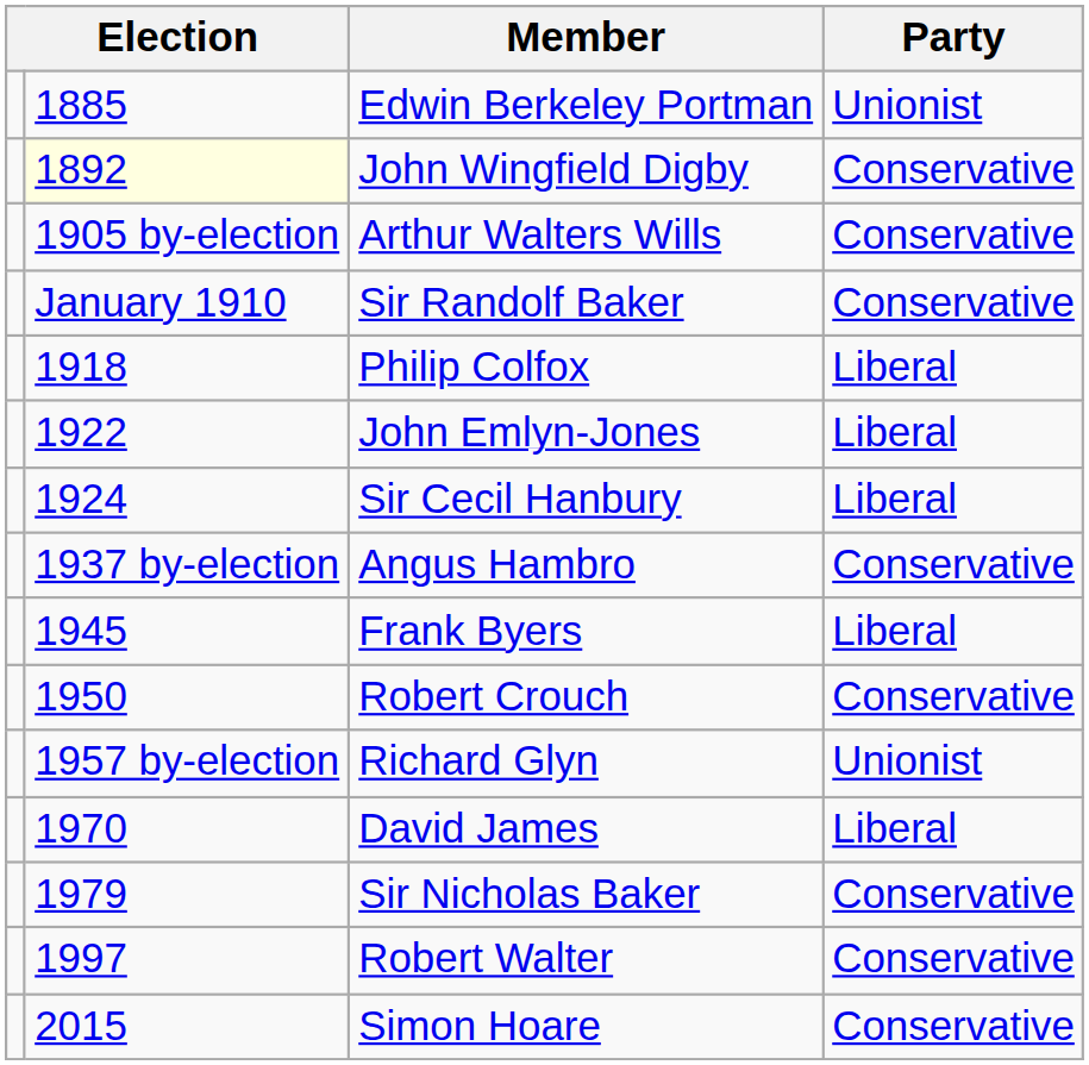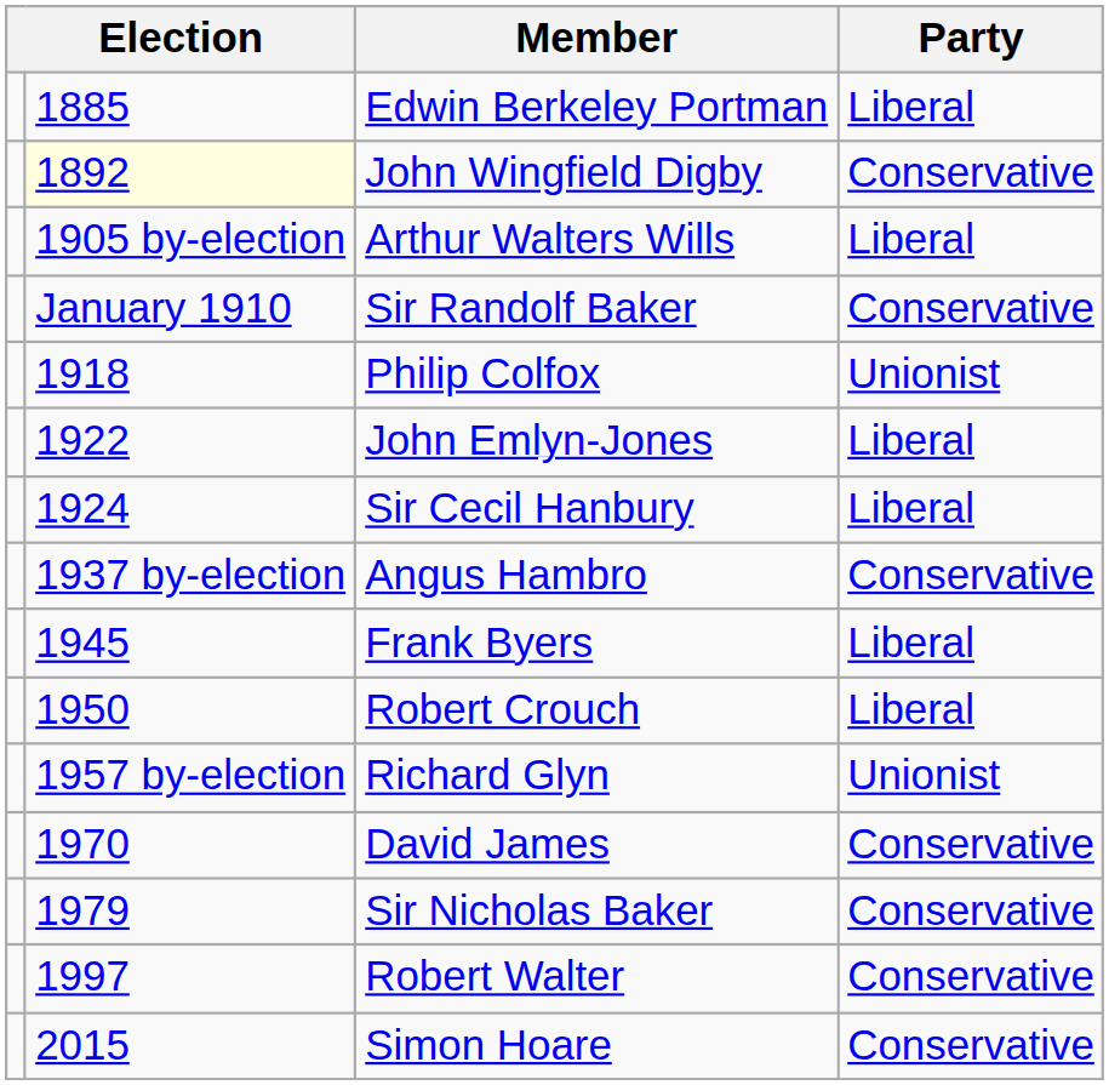 <table class="wikitable">
 <tr>
 <th colspan="2">Election</th>
 <th>Member</th>
 <th>Party</th>
 </tr>
 <tr>
 <td style="color:inherit;background-color: "></td>
 <td><a href='#'>1885</a></td>
 <td><a href='#'>Edwin Berkeley Portman</a></td>
-<td><a href='#'>Unionist</a></td>
+<td><a href='#'>Liberal</a></td>
 </tr>
 <tr>
 <td style="color:inherit;background-color: "></td>
 <td style="background: lightyellow;"><a href='#'>1892</a></td>
 <td><a href='#'>John Wingfield Digby</a></td>
 <td><a href='#'>Conservative</a></td>
 </tr>
 <tr>
 <td style="color:inherit;background-color: "></td>
 <td><a href='#'>1905 by-election</a></td>
 <td><a href='#'>Arthur Walters Wills</a></td>
-<td><a href='#'>Conservative</a></td>
+<td><a href='#'>Liberal</a></td>
 </tr>
 <tr>
 <td style="color:inherit;background-color: "></td>
 <td><a href='#'>January 1910</a></td>
 <td><a href='#'>Sir Randolf Baker</a></td>
 <td><a href='#'>Conservative</a></td>
 </tr>
 <tr>
 <td style="color:inherit;background-color: "></td>
 <td><a href='#'>1918</a></td>
 <td><a href='#'>Philip Colfox</a></td>
-<td><a href='#'>Liberal</a></td>
+<td><a href='#'>Unionist</a></td>
 </tr>
 <tr>
 <td style="color:inherit;background-color: "></td>
 <td><a href='#'>1922</a></td>
 <td><a href='#'>John Emlyn-Jones</a></td>
 <td><a href='#'>Liberal</a></td>
 </tr>
 <tr>
 <td style="color:inherit;background-color: "></td>
 <td><a href='#'>1924</a></td>
 <td><a href='#'>Sir Cecil Hanbury</a></td>
 <td><a href='#'>Liberal</a></td>
 </tr>
 <tr>
 <td style="color:inherit;background-color: "></td>
 <td><a href='#'>1937 by-election</a></td>
 <td><a href='#'>Angus Hambro</a></td>
 <td><a href='#'>Conservative</a></td>
 </tr>
 <tr>
 <td style="color:inherit;background-color: "></td>
 <td><a href='#'>1945</a></td>
 <td><a href='#'>Frank Byers</a></td>
 <td><a href='#'>Liberal</a></td>
 </tr>
 <tr>
 <td style="color:inherit;background-color: "></td>
 <td><a href='#'>1950</a></td>
 <td><a href='#'>Robert Crouch</a></td>
-<td><a href='#'>Conservative</a></td>
+<td><a href='#'>Liberal</a></td>
 </tr>
 <tr>
 <td style="color:inherit;background-color: "></td>
 <td><a href='#'>1957 by-election</a></td>
 <td><a href='#'>Richard Glyn</a></td>
 <td><a href='#'>Unionist</a></td>
 </tr>
 <tr>
 <td style="color:inherit;background-color: "></td>
 <td><a href='#'>1970</a></td>
 <td><a href='#'>David James</a></td>
-<td><a href='#'>Liberal</a></td>
+<td><a href='#'>Conservative</a></td>
 </tr>
 <tr>
 <td style="color:inherit;background-color: "></td>
 <td><a href='#'>1979</a></td>
 <td><a href='#'>Sir Nicholas Baker</a></td>
 <td><a href='#'>Conservative</a></td>
 </tr>
 <tr>
 <td style="color:inherit;background-color: "></td>
 <td><a href='#'>1997</a></td>
 <td><a href='#'>Robert Walter</a></td>
 <td><a href='#'>Conservative</a></td>
 </tr>
 <tr>
 <td style="color:inherit;background-color: "></td>
 <td><a href='#'>2015</a></td>
 <td><a href='#'>Simon Hoare</a></td>
 <td><a href='#'>Conservative</a></td>
 </tr>
 </table>
